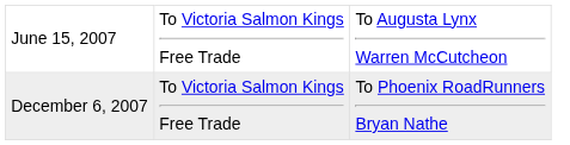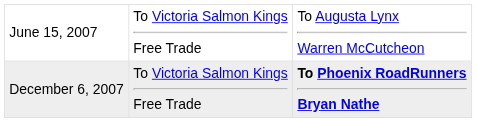 <table border=1 style="border-collapse:collapse" bordercolor="#DFDFDF"  cellpadding="5">
 <tr>
 <td>June 15, 2007</td>
 <td valign="top">To <a href='#'>Victoria Salmon Kings</a><hr>Free Trade</td>
 <td valign="top">To <a href='#'>Augusta Lynx</a><hr><a href='#'>Warren McCutcheon</a></td>
 </tr>
 <tr bgcolor="eeeeee">
 <td>December 6, 2007</td>
 <td valign="top">To <a href='#'>Victoria Salmon Kings</a><hr>Free Trade</td>
-<td valign="top">To <a href='#'>Phoenix RoadRunners</a><hr><a href='#'>Bryan Nathe</a></td>
+<td valign="top"><strong>To <a href='#'>Phoenix RoadRunners</a><hr><a href='#'>Bryan Nathe</a></strong></td>
 </tr>
 </table>
